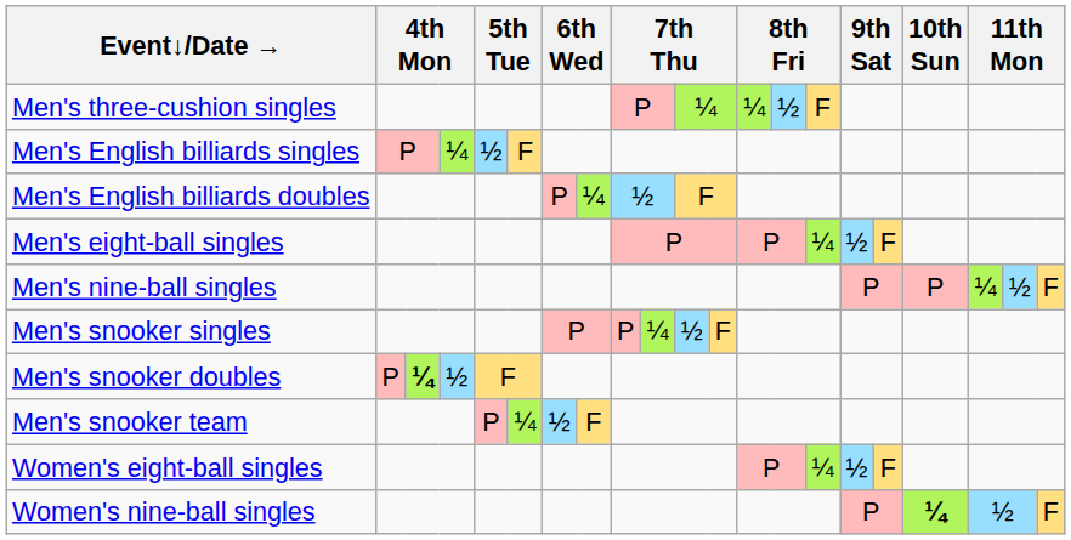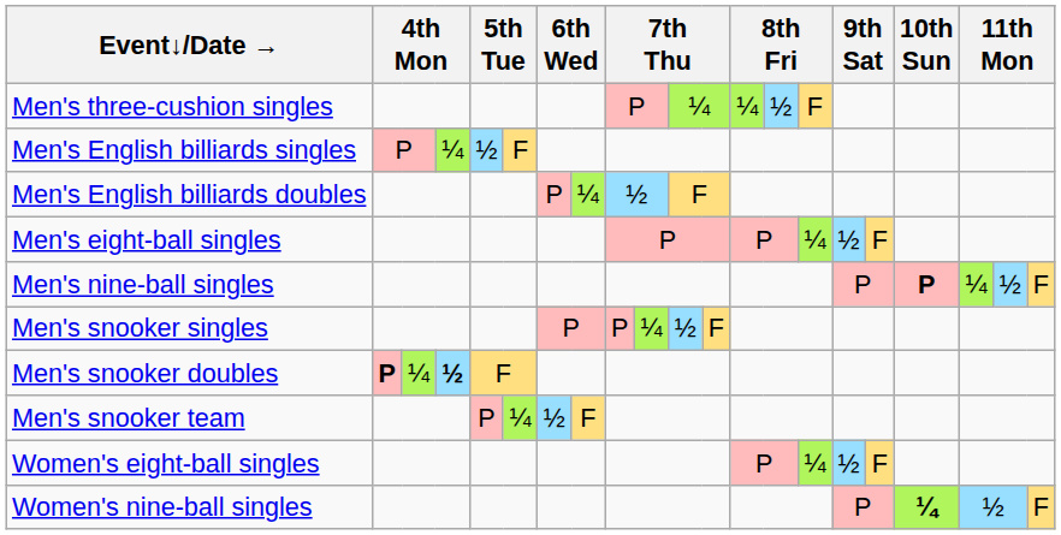 <table class="wikitable" style="margin:0.5em auto; font-size:90%; line-height:1.25em; text-align:center">
 <tr>
 <th>Event↓/Date →</th>
 <th colspan=3>4th<br>Mon</th>
 <th colspan=2>5th<br>Tue</th>
 <th colspan=2>6th<br>Wed</th>
 <th colspan=4>7th<br>Thu</th>
 <th colspan=3>8th<br>Fri</th>
 <th colspan=2>9th<br>Sat</th>
 <th>10th<br>Sun</th>
 <th colspan=3>11th<br>Mon</th>
 </tr>
 <tr>
 <td align="left"><a href='#'>Men's three-cushion singles</a></td>
 <td colspan=3></td>
 <td colspan=2></td>
 <td colspan=2></td>
 <td colspan=2 bgcolor="#FFBBBB">P</td>
 <td colspan=2 bgcolor="#AFF55B">¼</td>
 <td bgcolor="#AFF55B">¼</td>
 <td bgcolor="#97DEFF">½</td>
 <td bgcolor="#FFDF80">F</td>
 <td colspan=2></td>
 <td></td>
 <td colspan=3></td>
 </tr>
 <tr>
 <td align="left"><a href='#'>Men's English billiards singles</a></td>
 <td colspan=2 bgcolor="#FFBBBB">P</td>
 <td bgcolor="#AFF55B">¼</td>
 <td bgcolor="#97DEFF">½</td>
 <td bgcolor="#FFDF80">F</td>
 <td colspan=2></td>
 <td colspan=4></td>
 <td colspan=3></td>
 <td colspan=2></td>
 <td></td>
 <td colspan=3></td>
 </tr>
 <tr>
 <td align="left"><a href='#'>Men's English billiards doubles</a></td>
 <td colspan=3></td>
 <td colspan=2></td>
 <td bgcolor="#FFBBBB">P</td>
 <td bgcolor="#AFF55B">¼</td>
 <td colspan=2  bgcolor="#97DEFF">½</td>
 <td colspan=2 bgcolor="#FFDF80">F</td>
 <td colspan=3></td>
 <td colspan=2></td>
 <td></td>
 <td colspan=3></td>
 </tr>
 <tr>
 <td align="left"><a href='#'>Men's eight-ball singles</a></td>
 <td colspan=3></td>
 <td colspan=2></td>
 <td colspan=2></td>
 <td colspan=4 bgcolor="#FFBBBB">P</td>
 <td colspan=2 bgcolor="#FFBBBB">P</td>
 <td bgcolor="#AFF55B">¼</td>
 <td bgcolor="#97DEFF">½</td>
 <td bgcolor="#FFDF80">F</td>
 <td></td>
 <td colspan=3></td>
 </tr>
 <tr>
 <td align="left"><a href='#'>Men's nine-ball singles</a></td>
 <td colspan=3></td>
 <td colspan=2></td>
 <td colspan=2></td>
 <td colspan=4></td>
 <td colspan=3></td>
 <td colspan=2 bgcolor="#FFBBBB">P</td>
-<td bgcolor="#FFBBBB">P</td>
+<td bgcolor="#FFBBBB"><strong>P</strong></td>
 <td bgcolor="#AFF55B">¼</td>
 <td bgcolor="#97DEFF">½</td>
 <td bgcolor="#FFDF80">F</td>
 </tr>
 <tr>
 <td align="left"><a href='#'>Men's snooker singles</a></td>
 <td colspan=3></td>
 <td colspan=2></td>
 <td colspan=2 bgcolor="#FFBBBB">P</td>
 <td bgcolor="#FFBBBB">P</td>
 <td bgcolor="#AFF55B">¼</td>
 <td bgcolor="#97DEFF">½</td>
 <td bgcolor="#FFDF80">F</td>
 <td colspan=3></td>
 <td colspan=2></td>
 <td></td>
 <td colspan=3></td>
 </tr>
 <tr>
 <td align="left"><a href='#'>Men's snooker doubles</a></td>
-<td bgcolor="#FFBBBB">P</td>
-<td bgcolor="#AFF55B"><strong>¼</strong></td>
-<td bgcolor="#97DEFF">½</td>
+<td bgcolor="#FFBBBB"><strong>P</strong></td>
+<td bgcolor="#AFF55B">¼</td>
+<td bgcolor="#97DEFF"><strong>½</strong></td>
 <td colspan=2 bgcolor="#FFDF80">F</td>
 <td colspan=2></td>
 <td colspan=4></td>
 <td colspan=3></td>
 <td colspan=2></td>
 <td></td>
 <td colspan=3></td>
 </tr>
 <tr>
 <td align="left"><a href='#'>Men's snooker team</a></td>
 <td colspan=3></td>
 <td bgcolor="#FFBBBB">P</td>
 <td bgcolor="#AFF55B">¼</td>
 <td bgcolor="#97DEFF">½</td>
 <td bgcolor="#FFDF80">F</td>
 <td colspan=4></td>
 <td colspan=3></td>
 <td colspan=2></td>
 <td></td>
 <td colspan=3></td>
 </tr>
 <tr>
 <td align="left"><a href='#'>Women's eight-ball singles</a></td>
 <td colspan=3></td>
 <td colspan=2></td>
 <td colspan=2></td>
 <td colspan=4></td>
 <td colspan=2 bgcolor="#FFBBBB">P</td>
 <td bgcolor="#AFF55B">¼</td>
 <td bgcolor="#97DEFF">½</td>
 <td bgcolor="#FFDF80">F</td>
 <td></td>
 <td colspan=3></td>
 </tr>
 <tr>
 <td align="left"><a href='#'>Women's nine-ball singles</a></td>
 <td colspan=3></td>
 <td colspan=2></td>
 <td colspan=2></td>
 <td colspan=4></td>
 <td colspan=3></td>
 <td colspan=2 bgcolor="#FFBBBB">P</td>
 <td bgcolor="#AFF55B"><strong>¼</strong></td>
 <td colspan=2 bgcolor="#97DEFF">½</td>
 <td bgcolor="#FFDF80">F</td>
 </tr>
 </table>
